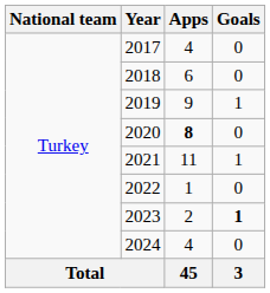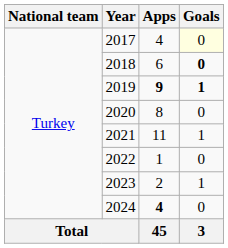 <table class="wikitable" style="text-align:center">
 <tr>
 <th>National team</th>
 <th>Year</th>
 <th>Apps</th>
 <th>Goals</th>
 </tr>
 <tr>
 <td rowspan="8"><a href='#'>Turkey</a></td>
 <td>2017</td>
 <td>4</td>
-<td>0</td>
+<td style="background: lightyellow;">0</td>
 </tr>
 <tr>
 <td>2018</td>
 <td>6</td>
-<td>0</td>
+<td><strong>0</strong></td>
 </tr>
 <tr>
 <td>2019</td>
-<td>9</td>
-<td>1</td>
+<td><strong>9</strong></td>
+<td><strong>1</strong></td>
 </tr>
 <tr>
 <td>2020</td>
-<td><strong>8</strong></td>
+<td>8</td>
 <td>0</td>
 </tr>
 <tr>
 <td>2021</td>
 <td>11</td>
 <td>1</td>
 </tr>
 <tr>
 <td>2022</td>
 <td>1</td>
 <td>0</td>
 </tr>
 <tr>
 <td>2023</td>
 <td>2</td>
-<td><strong>1</strong></td>
+<td>1</td>
 </tr>
 <tr>
 <td>2024</td>
-<td>4</td>
+<td><strong>4</strong></td>
 <td>0</td>
 </tr>
 <tr>
 <th colspan="2">Total</th>
 <th>45</th>
 <th>3</th>
 </tr>
 </table>
